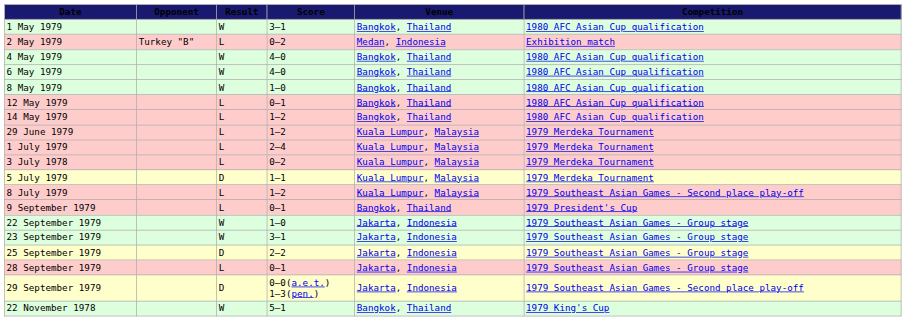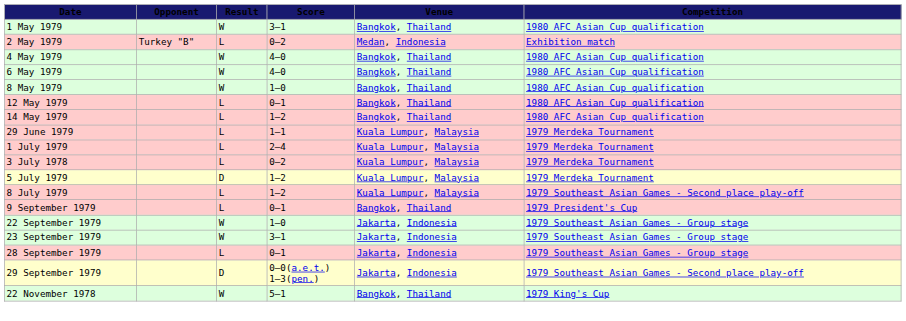 <table style="width:100%;" class="wikitable">
 <tr>
 <th style="background:#191970;"><span>Date</span></th>
 <th style="background:#191970;"><span>Opponent</span></th>
 <th style="background:#191970;"><span>Result</span></th>
 <th style="background:#191970;"><span>Score</span></th>
 <th style="background:#191970;"><span>Venue</span></th>
 <th style="background:#191970;"><span>Competition</span></th>
 </tr>
 <tr style="background:#dfd;">
 <td>1 May 1979</td>
 <td></td>
 <td>W</td>
 <td>3–1</td>
 <td> <a href='#'>Bangkok</a>, <a href='#'>Thailand</a></td>
 <td><a href='#'>1980 AFC Asian Cup qualification</a></td>
 </tr>
 <tr style="background:#fcc;">
 <td>2 May 1979</td>
 <td> Turkey "B"</td>
 <td>L</td>
 <td>0–2</td>
 <td> <a href='#'>Medan</a>, <a href='#'>Indonesia</a></td>
 <td><a href='#'>Exhibition match</a></td>
 </tr>
 <tr style="background:#dfd;">
 <td>4 May 1979</td>
 <td></td>
 <td>W</td>
 <td>4–0</td>
 <td> <a href='#'>Bangkok</a>, <a href='#'>Thailand</a></td>
 <td><a href='#'>1980 AFC Asian Cup qualification</a></td>
 </tr>
 <tr style="background:#dfd;">
 <td>6 May 1979</td>
 <td></td>
 <td>W</td>
 <td>4–0</td>
 <td> <a href='#'>Bangkok</a>, <a href='#'>Thailand</a></td>
 <td><a href='#'>1980 AFC Asian Cup qualification</a></td>
 </tr>
 <tr style="background:#dfd;">
 <td>8 May 1979</td>
 <td></td>
 <td>W</td>
 <td>1–0</td>
 <td> <a href='#'>Bangkok</a>, <a href='#'>Thailand</a></td>
 <td><a href='#'>1980 AFC Asian Cup qualification</a></td>
 </tr>
 <tr style="background:#fcc;">
 <td>12 May 1979</td>
 <td></td>
 <td>L</td>
 <td>0–1</td>
 <td> <a href='#'>Bangkok</a>, <a href='#'>Thailand</a></td>
 <td><a href='#'>1980 AFC Asian Cup qualification</a></td>
 </tr>
 <tr style="background:#fcc;">
 <td>14 May 1979</td>
 <td></td>
 <td>L</td>
 <td>1–2</td>
 <td> <a href='#'>Bangkok</a>, <a href='#'>Thailand</a></td>
 <td><a href='#'>1980 AFC Asian Cup qualification</a></td>
 </tr>
 <tr style="background:#fcc;">
 <td>29 June 1979</td>
 <td></td>
 <td>L</td>
-<td>1–2</td>
+<td>1–1</td>
 <td> <a href='#'>Kuala Lumpur</a>, <a href='#'>Malaysia</a></td>
 <td><a href='#'>1979 Merdeka Tournament</a></td>
 </tr>
 <tr style="background:#fcc;">
 <td>1 July 1979</td>
 <td></td>
 <td>L</td>
 <td>2–4</td>
 <td> <a href='#'>Kuala Lumpur</a>, <a href='#'>Malaysia</a></td>
 <td><a href='#'>1979 Merdeka Tournament</a></td>
 </tr>
 <tr style="background:#fcc;">
 <td>3 July 1978</td>
 <td></td>
 <td>L</td>
 <td>0–2</td>
 <td> <a href='#'>Kuala Lumpur</a>, <a href='#'>Malaysia</a></td>
 <td><a href='#'>1979 Merdeka Tournament</a></td>
 </tr>
 <tr style="background:#ffc;">
 <td>5 July 1979</td>
 <td></td>
 <td>D</td>
-<td>1–1</td>
+<td>1–2</td>
 <td> <a href='#'>Kuala Lumpur</a>, <a href='#'>Malaysia</a></td>
 <td><a href='#'>1979 Merdeka Tournament</a></td>
 </tr>
 <tr style="background:#fcc;">
 <td>8 July 1979</td>
 <td></td>
 <td>L</td>
 <td>1–2</td>
 <td> <a href='#'>Kuala Lumpur</a>, <a href='#'>Malaysia</a></td>
 <td><a href='#'>1979 Southeast Asian Games - Second place play-off</a></td>
 </tr>
 <tr style="background:#fcc;">
 <td>9 September 1979</td>
 <td></td>
 <td>L</td>
 <td>0–1</td>
 <td> <a href='#'>Bangkok</a>, <a href='#'>Thailand</a></td>
 <td><a href='#'>1979 President's Cup</a></td>
 </tr>
 <tr style="background:#dfd;">
 <td>22 September 1979</td>
 <td></td>
 <td>W</td>
 <td>1–0</td>
 <td> <a href='#'>Jakarta</a>, <a href='#'>Indonesia</a></td>
 <td><a href='#'>1979 Southeast Asian Games - Group stage</a></td>
 </tr>
 <tr style="background:#dfd;">
 <td>23 September 1979</td>
 <td></td>
 <td>W</td>
 <td>3–1</td>
 <td> <a href='#'>Jakarta</a>, <a href='#'>Indonesia</a></td>
 <td><a href='#'>1979 Southeast Asian Games - Group stage</a></td>
 </tr>
-<tr style="background:#ffc;">
-<td>25 September 1979</td>
-<td></td>
-<td>D</td>
-<td>2–2</td>
-<td> <a href='#'>Jakarta</a>, <a href='#'>Indonesia</a></td>
-<td><a href='#'>1979 Southeast Asian Games - Group stage</a></td>
-</tr>
 <tr style="background:#fcc;">
 <td>28 September 1979</td>
 <td></td>
 <td>L</td>
 <td>0–1</td>
 <td> <a href='#'>Jakarta</a>, <a href='#'>Indonesia</a></td>
 <td><a href='#'>1979 Southeast Asian Games - Group stage</a></td>
 </tr>
 <tr style="background:#ffc;">
 <td>29 September 1979</td>
 <td></td>
 <td>D</td>
 <td>0–0(<a href='#'>a.e.t.</a>)<br>1–3(<a href='#'>pen.</a>)</td>
 <td> <a href='#'>Jakarta</a>, <a href='#'>Indonesia</a></td>
 <td><a href='#'>1979 Southeast Asian Games - Second place play-off</a></td>
 </tr>
 <tr style="background:#dfd;">
 <td>22 November 1978</td>
 <td></td>
 <td>W</td>
 <td>5–1</td>
 <td> <a href='#'>Bangkok</a>, <a href='#'>Thailand</a></td>
 <td><a href='#'>1979 King's Cup</a></td>
 </tr>
 </table>
